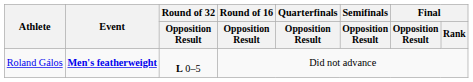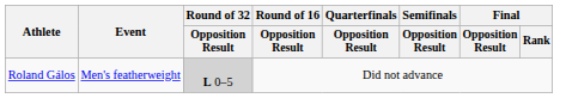 <table class="wikitable" style="font-size:90%">
 <tr>
 <th rowspan="2">Athlete</th>
 <th rowspan="2">Event</th>
 <th>Round of 32</th>
 <th>Round of 16</th>
 <th>Quarterfinals</th>
 <th>Semifinals</th>
 <th colspan=2>Final</th>
 </tr>
 <tr style="font-size:95%">
 <th>Opposition<br>Result</th>
 <th>Opposition<br>Result</th>
 <th>Opposition<br>Result</th>
 <th>Opposition<br>Result</th>
 <th>Opposition<br>Result</th>
 <th>Rank</th>
 </tr>
 <tr align=center>
 <td align=left><a href='#'>Roland Gálos</a></td>
-<td align=left><strong><a href='#'>Men's featherweight</a></strong></td>
-<td><br><strong>L</strong> 0–5</td>
+<td align=left><a href='#'>Men's featherweight</a></td>
+<td style="background: lightgrey;"><br><strong>L</strong> 0–5</td>
 <td colspan=5>Did not advance</td>
 </tr>
 </table>
